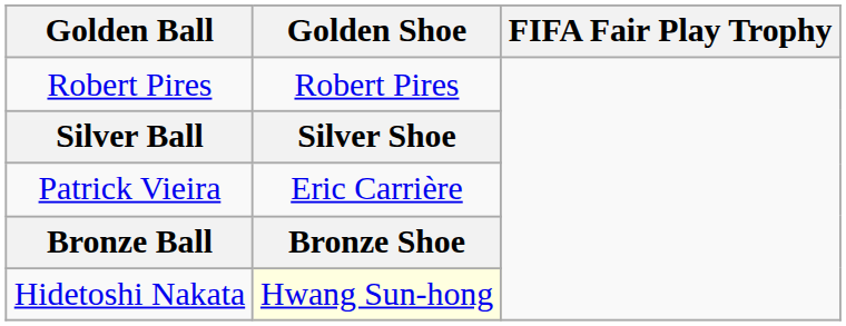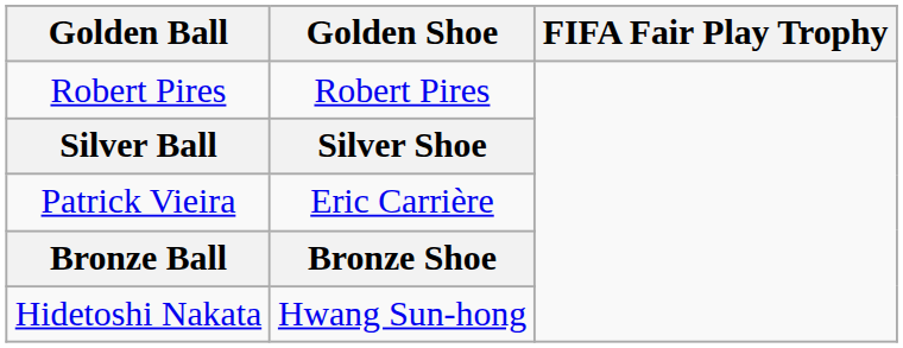 <table class="wikitable" style="margin:0 auto">
 <tr>
 <th>Golden Ball</th>
 <th>Golden Shoe</th>
 <th>FIFA Fair Play Trophy</th>
 </tr>
 <tr>
 <td align=center> <a href='#'>Robert Pires</a></td>
 <td align=center> <a href='#'>Robert Pires</a></td>
 <td rowspan="5" align=center></td>
 </tr>
 <tr>
 <th>Silver Ball</th>
 <th>Silver Shoe</th>
 </tr>
 <tr>
 <td align=center> <a href='#'>Patrick Vieira</a></td>
 <td align=center> <a href='#'>Eric Carrière</a></td>
 </tr>
 <tr>
 <th>Bronze Ball</th>
 <th>Bronze Shoe</th>
 </tr>
 <tr>
 <td align=center> <a href='#'>Hidetoshi Nakata</a></td>
-<td align=center style="background: lightyellow;"> <a href='#'>Hwang Sun-hong</a></td>
+<td align=center> <a href='#'>Hwang Sun-hong</a></td>
 </tr>
 </table>
